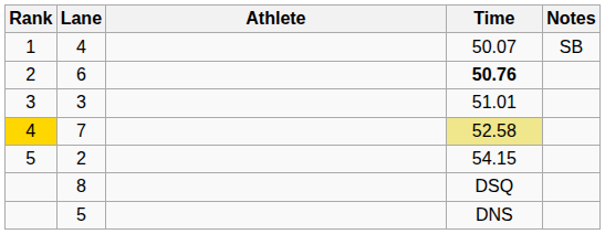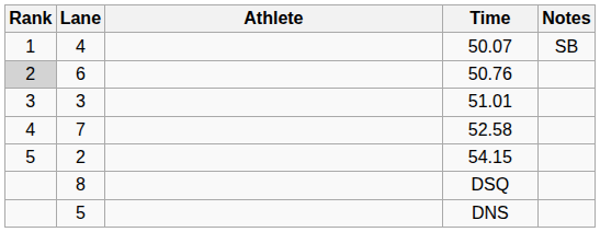 <table class="wikitable" style="text-align:center">
 <tr>
 <th>Rank</th>
 <th>Lane</th>
 <th width=300>Athlete</th>
 <th width=80>Time</th>
 <th>Notes</th>
 </tr>
 <tr>
 <td>1</td>
 <td>4</td>
 <td align=left></td>
 <td>50.07</td>
 <td>SB</td>
 </tr>
 <tr>
-<td>2</td>
+<td style="background: lightgrey;">2</td>
 <td>6</td>
 <td align=left></td>
-<td><strong>50.76</strong></td>
+<td>50.76</td>
 <td></td>
 </tr>
 <tr>
 <td>3</td>
 <td>3</td>
 <td align=left></td>
 <td>51.01</td>
 <td></td>
 </tr>
 <tr>
-<td style="background: gold;">4</td>
+<td>4</td>
 <td>7</td>
 <td align=left></td>
-<td style="background: khaki;">52.58</td>
+<td>52.58</td>
 <td></td>
 </tr>
 <tr>
 <td>5</td>
 <td>2</td>
 <td align=left></td>
 <td>54.15</td>
 <td></td>
 </tr>
 <tr>
 <td></td>
 <td>8</td>
 <td align=left></td>
 <td>DSQ</td>
 <td></td>
 </tr>
 <tr>
 <td></td>
 <td>5</td>
 <td align=left></td>
 <td>DNS</td>
 <td></td>
 </tr>
 <tr>
 </tr>
 </table>
